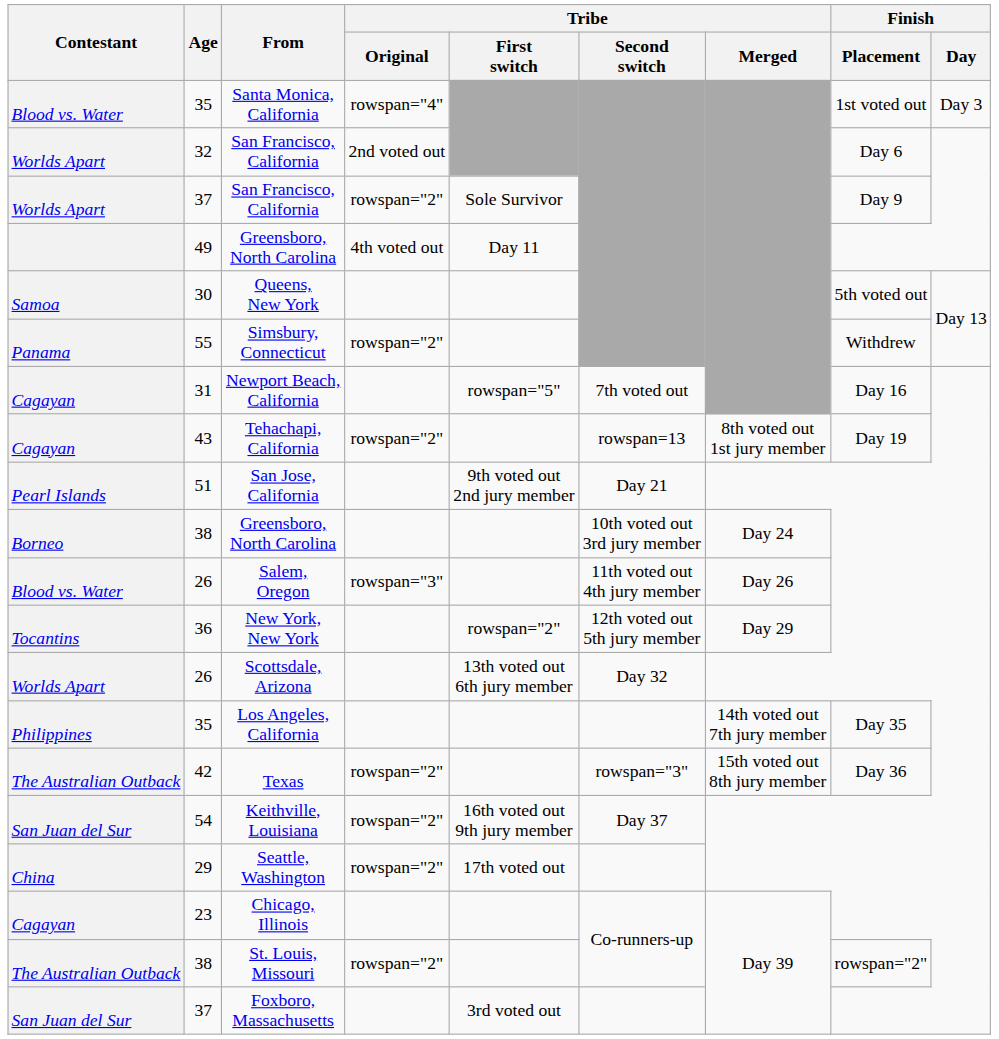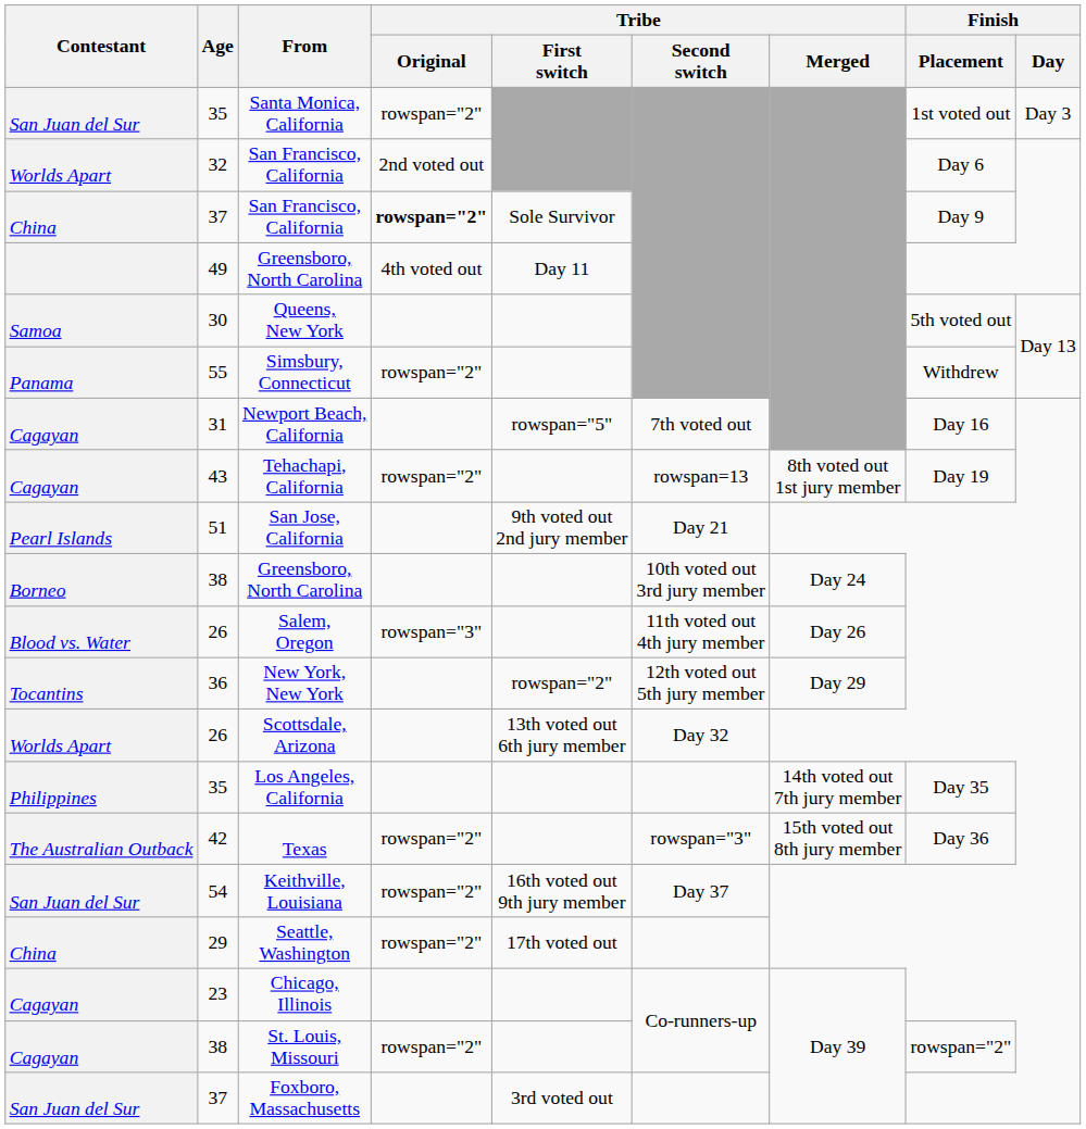 <table class="wikitable sortable" style="margin:auto; text-align:center">
 <tr>
 <th rowspan="2" scope="col">Contestant</th>
 <th rowspan="2" scope="col">Age</th>
 <th rowspan="2" scope="col" class=unsortable>From</th>
 <th colspan="4" scope="colgroup">Tribe</th>
 <th colspan="2" scope="colgroup">Finish</th>
 </tr>
 <tr>
 <th scope="col">Original</th>
 <th scope="col">First<br>switch</th>
 <th scope="col">Second<br>switch</th>
 <th scope="col" class=unsortable>Merged</th>
 <th scope="col" class=unsortable>Placement</th>
 <th scope="col" class=unsortable>Day</th>
 </tr>
 <tr>
-<th scope="row" style="text-align:left;font-weight:normal"><strong></strong><br><a href='#'><em>Blood vs. Water</em></a></th>
+<th scope="row" style="text-align:left;font-weight:normal"><strong></strong><br><a href='#'><em>San Juan del Sur</em></a></th>
 <td>35</td>
 <td><a href='#'>Santa Monica,<br>California</a></td>
-<td>rowspan="4" </td>
+<td>rowspan="2" </td>
 <td style="background:darkgrey;" rowspan="2"></td>
 <td style="background:darkgrey;" rowspan="6"></td>
 <td style="background:darkgrey;" rowspan="7"></td>
 <td>1st voted out</td>
 <td>Day 3</td>
 </tr>
 <tr>
 <th scope="row" style="text-align:left;font-weight:normal"><strong></strong><br><a href='#'><em>Worlds Apart</em></a></th>
 <td>32</td>
 <td><a href='#'>San Francisco,<br>California</a></td>
 <td>2nd voted out</td>
 <td>Day 6</td>
 </tr>
 <tr>
-<th scope="row" style="text-align:left;font-weight:normal"><strong></strong><br><a href='#'><em>Worlds Apart</em></a></th>
+<th scope="row" style="text-align:left;font-weight:normal"><strong></strong><br><a href='#'><em>China</em></a></th>
 <td>37</td>
 <td><a href='#'>San Francisco,<br>California</a></td>
-<td>rowspan="2" </td>
+<td><strong>rowspan="2" </strong></td>
 <td>Sole Survivor</td>
 <td>Day 9</td>
 </tr>
 <tr>
 <th scope="row" style="text-align:left;font-weight:normal"><strong></strong><br></th>
 <td>49</td>
 <td><a href='#'>Greensboro,<br>North Carolina</a></td>
 <td>4th voted out</td>
 <td>Day 11</td>
 </tr>
 <tr>
 <th scope="row" style="text-align:left;font-weight:normal"><strong></strong><br><a href='#'><em>Samoa</em></a></th>
 <td>30</td>
 <td><a href='#'>Queens,<br>New York</a></td>
 <td></td>
 <td></td>
 <td>5th voted out</td>
 <td rowspan="2">Day 13</td>
 </tr>
 <tr>
 <th scope="row" style="text-align:left;font-weight:normal"><strong></strong><br><a href='#'><em>Panama</em></a></th>
 <td>55</td>
 <td><a href='#'>Simsbury,<br>Connecticut</a></td>
 <td>rowspan="2" </td>
 <td></td>
 <td>Withdrew<br></td>
 </tr>
 <tr>
 <th scope="row" style="text-align:left;font-weight:normal"><strong></strong><br><a href='#'><em>Cagayan</em></a></th>
 <td>31</td>
 <td><a href='#'>Newport Beach,<br>California</a></td>
 <td></td>
 <td>rowspan="5" </td>
 <td>7th voted out</td>
 <td>Day 16</td>
 </tr>
 <tr>
 <th scope="row" style="text-align:left;font-weight:normal"><strong></strong><br><a href='#'><em>Cagayan</em></a></th>
 <td>43</td>
 <td><a href='#'>Tehachapi,<br>California</a></td>
 <td>rowspan="2" </td>
 <td></td>
 <td>rowspan=13 </td>
 <td>8th voted out<br>1st jury member</td>
 <td>Day 19</td>
 </tr>
 <tr>
 <th scope="row" style="text-align:left;font-weight:normal"><strong></strong><br><a href='#'><em>Pearl Islands</em></a></th>
 <td>51</td>
 <td><a href='#'>San Jose,<br> California</a></td>
 <td></td>
 <td>9th voted out<br>2nd jury member</td>
 <td>Day 21</td>
 </tr>
 <tr>
 <th scope="row" style="text-align:left;font-weight:normal"><strong></strong><br><a href='#'><em>Borneo</em></a></th>
 <td>38</td>
 <td><a href='#'>Greensboro,<br>North Carolina</a></td>
 <td></td>
 <td></td>
 <td>10th voted out<br>3rd jury member</td>
 <td>Day 24</td>
 </tr>
 <tr>
 <th scope="row" style="text-align:left;font-weight:normal"><strong></strong><br><a href='#'><em>Blood vs. Water</em></a></th>
 <td>26</td>
 <td><a href='#'>Salem,<br>Oregon</a></td>
 <td>rowspan="3" </td>
 <td></td>
 <td>11th voted out<br>4th jury member</td>
 <td>Day 26</td>
 </tr>
 <tr>
 <th scope="row" style="text-align:left;font-weight:normal"><strong></strong><br><a href='#'><em>Tocantins</em></a></th>
 <td>36</td>
 <td><a href='#'>New York,<br>New York</a></td>
 <td></td>
 <td>rowspan="2" </td>
 <td>12th voted out<br>5th jury member</td>
 <td>Day 29</td>
 </tr>
 <tr>
 <th scope="row" style="text-align:left;font-weight:normal"><strong></strong><br><a href='#'><em>Worlds Apart</em></a></th>
 <td>26</td>
 <td><a href='#'>Scottsdale,<br>Arizona</a></td>
 <td></td>
 <td>13th voted out<br>6th jury member</td>
 <td>Day 32</td>
 </tr>
 <tr>
 <th scope="row" style="text-align:left;font-weight:normal"><strong></strong><br><a href='#'><em>Philippines</em></a></th>
 <td>35</td>
 <td><a href='#'>Los Angeles,<br>California</a></td>
 <td></td>
 <td></td>
 <td></td>
 <td>14th voted out<br>7th jury member</td>
 <td>Day 35</td>
 </tr>
 <tr>
 <th scope="row" style="text-align:left;font-weight:normal"><strong></strong><br><a href='#'><em>The Australian Outback</em></a></th>
 <td>42</td>
 <td><a href='#'><br> Texas</a></td>
 <td>rowspan="2" </td>
 <td></td>
 <td>rowspan="3" </td>
 <td>15th voted out<br>8th jury member</td>
 <td>Day 36</td>
 </tr>
 <tr>
 <th scope="row" style="text-align:left;font-weight:normal"><strong></strong><br><a href='#'><em>San Juan del Sur</em></a></th>
 <td>54</td>
 <td><a href='#'>Keithville,<br>Louisiana</a></td>
 <td>rowspan="2" </td>
 <td>16th voted out<br>9th jury member</td>
 <td>Day 37</td>
 </tr>
 <tr>
 <th scope="row" style="text-align:left;font-weight:normal"><strong></strong><br><a href='#'><em>China</em></a></th>
 <td>29</td>
 <td><a href='#'>Seattle,<br>Washington</a></td>
 <td>rowspan="2" </td>
 <td>17th voted out<br></td>
 <td></td>
 </tr>
 <tr>
 <th scope="row" style="text-align:left;font-weight:normal"><strong></strong><br><a href='#'><em>Cagayan</em></a></th>
 <td>23</td>
 <td><a href='#'>Chicago,<br>Illinois</a></td>
 <td></td>
 <td></td>
 <td rowspan="2">Co-runners-up</td>
 <td rowspan="3">Day 39</td>
 </tr>
 <tr>
-<th scope="row" style="text-align:left;font-weight:normal"><strong></strong><br><a href='#'><em>The Australian Outback</em></a></th>
+<th scope="row" style="text-align:left;font-weight:normal"><strong></strong><br><a href='#'><em>Cagayan</em></a></th>
 <td>38</td>
 <td><a href='#'>St. Louis,<br>Missouri</a></td>
 <td>rowspan="2" </td>
 <td></td>
 <td>rowspan="2" </td>
 </tr>
 <tr>
 <th scope="row" style="text-align:left;font-weight:normal"><strong></strong><br><a href='#'><em>San Juan del Sur</em></a></th>
 <td>37</td>
 <td><a href='#'>Foxboro,<br>Massachusetts</a></td>
 <td></td>
 <td>3rd voted out</td>
 </tr>
 </table>
